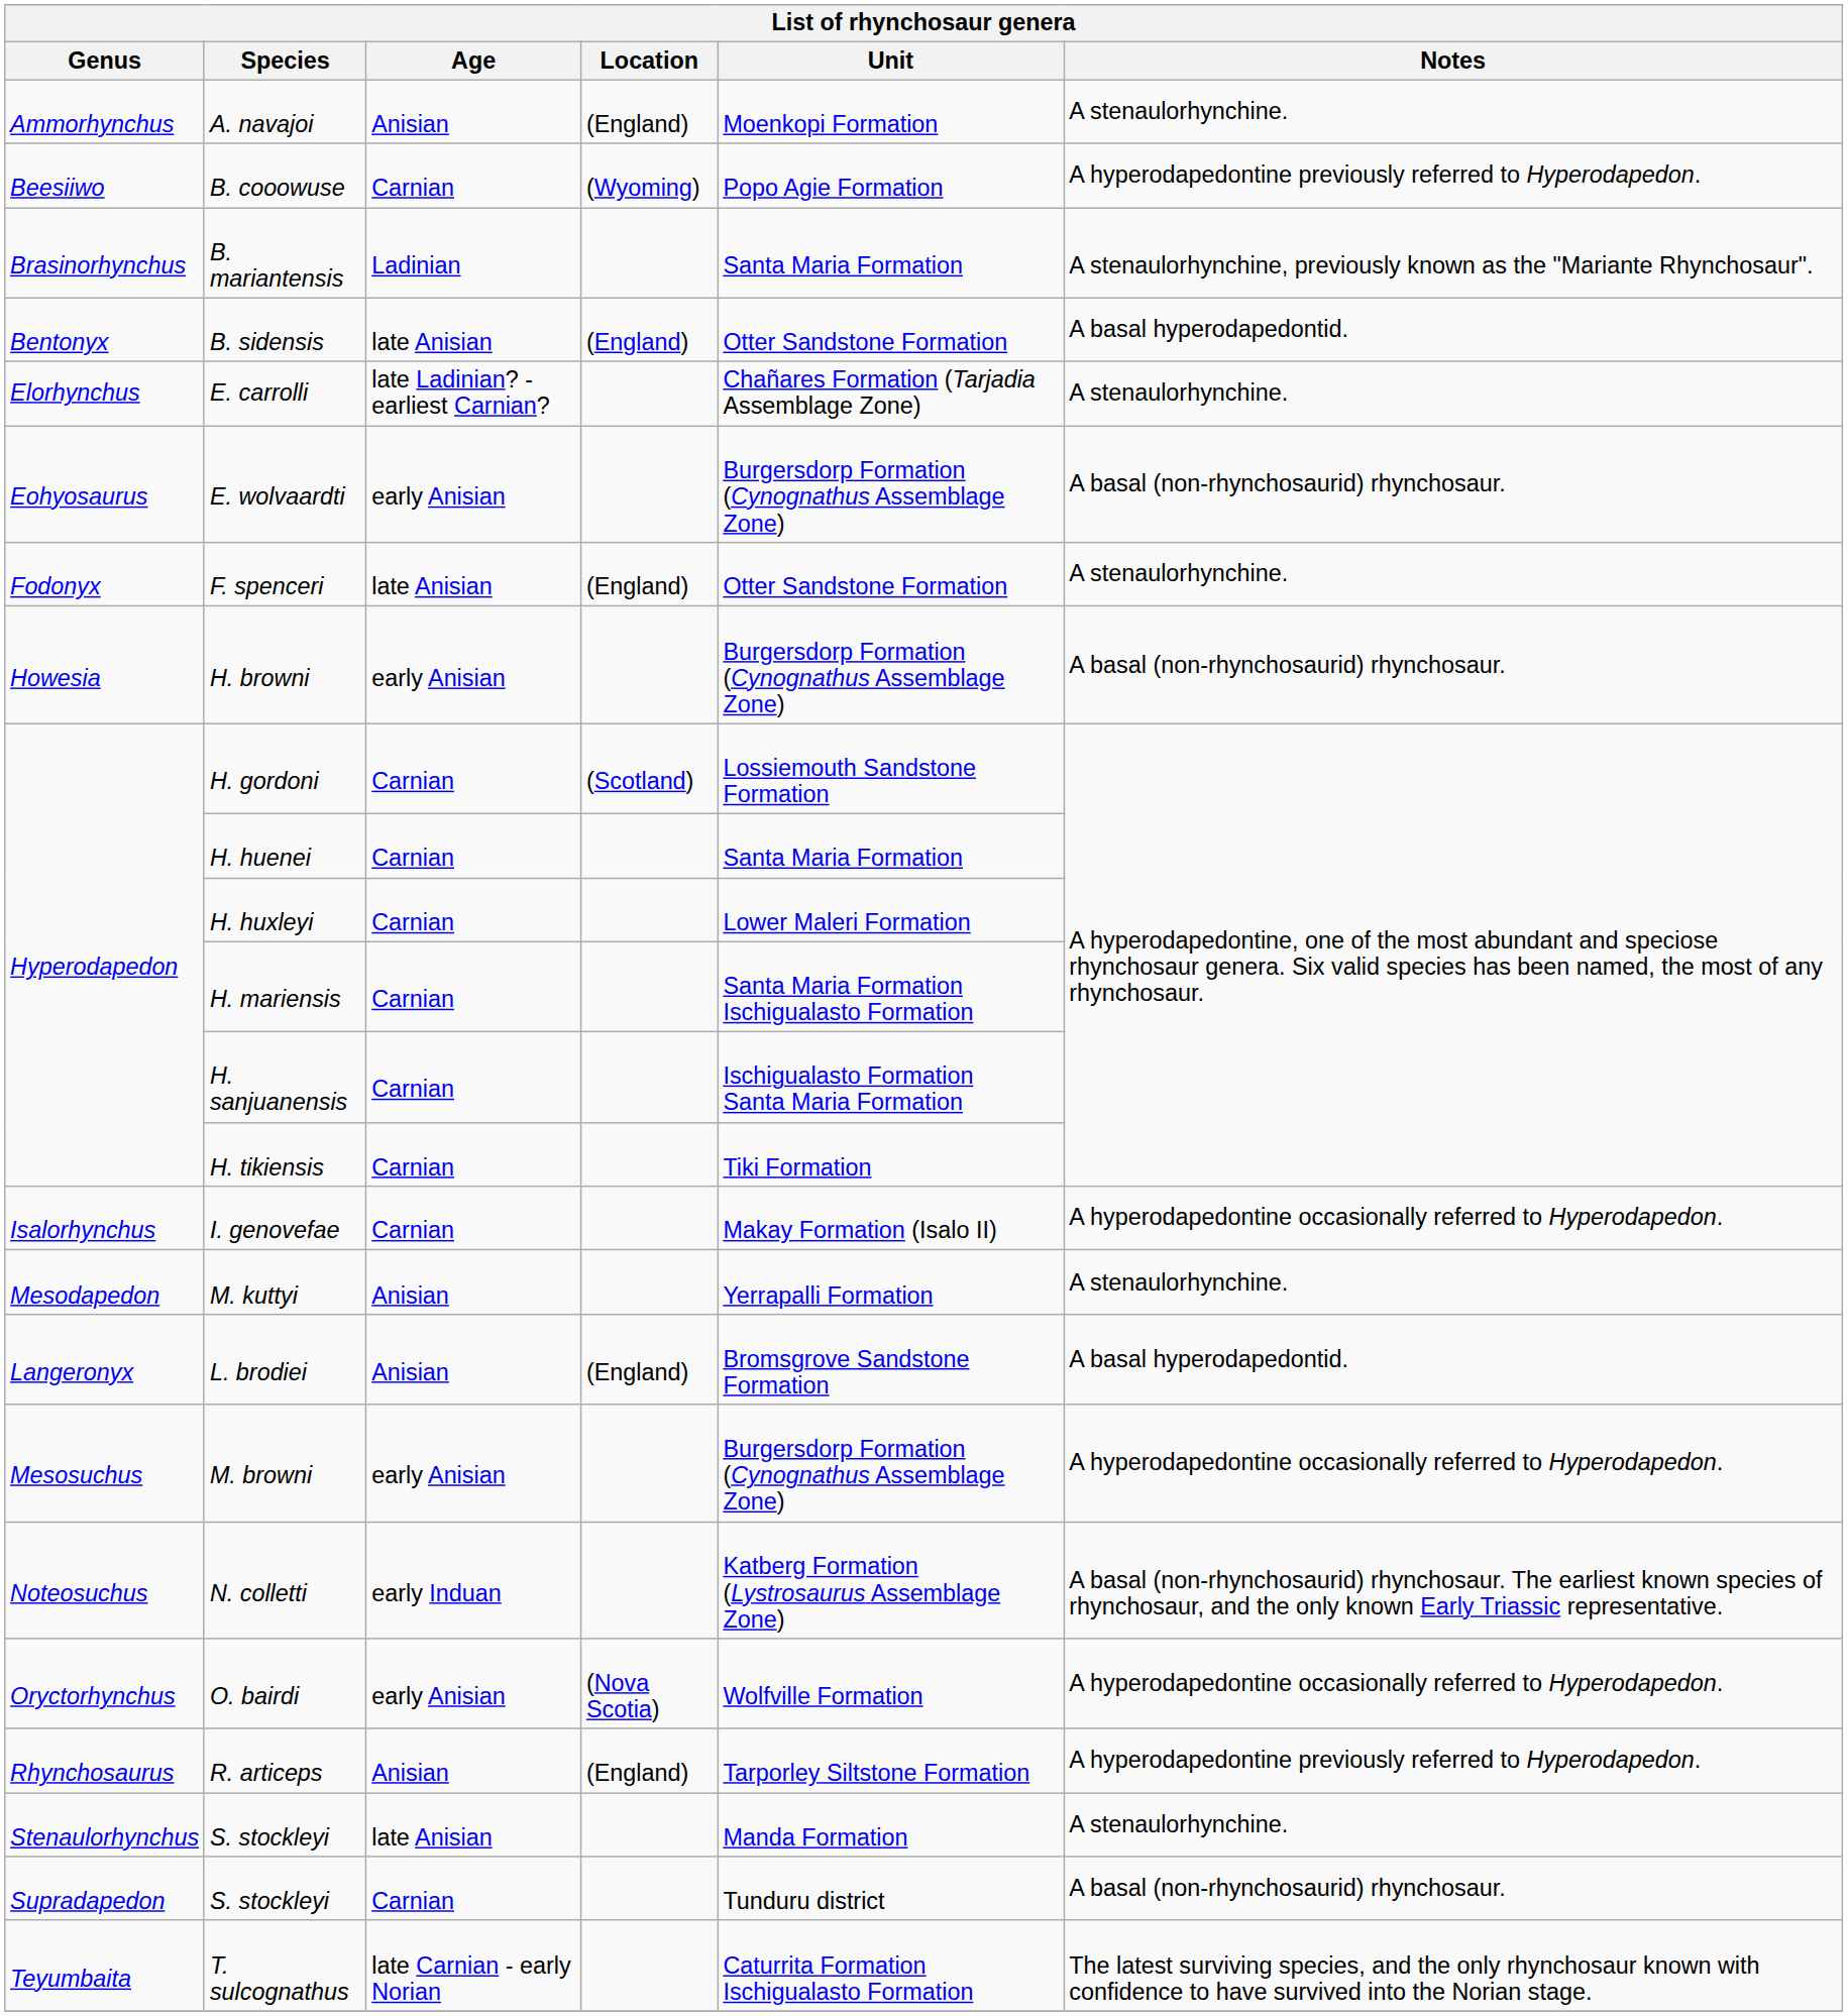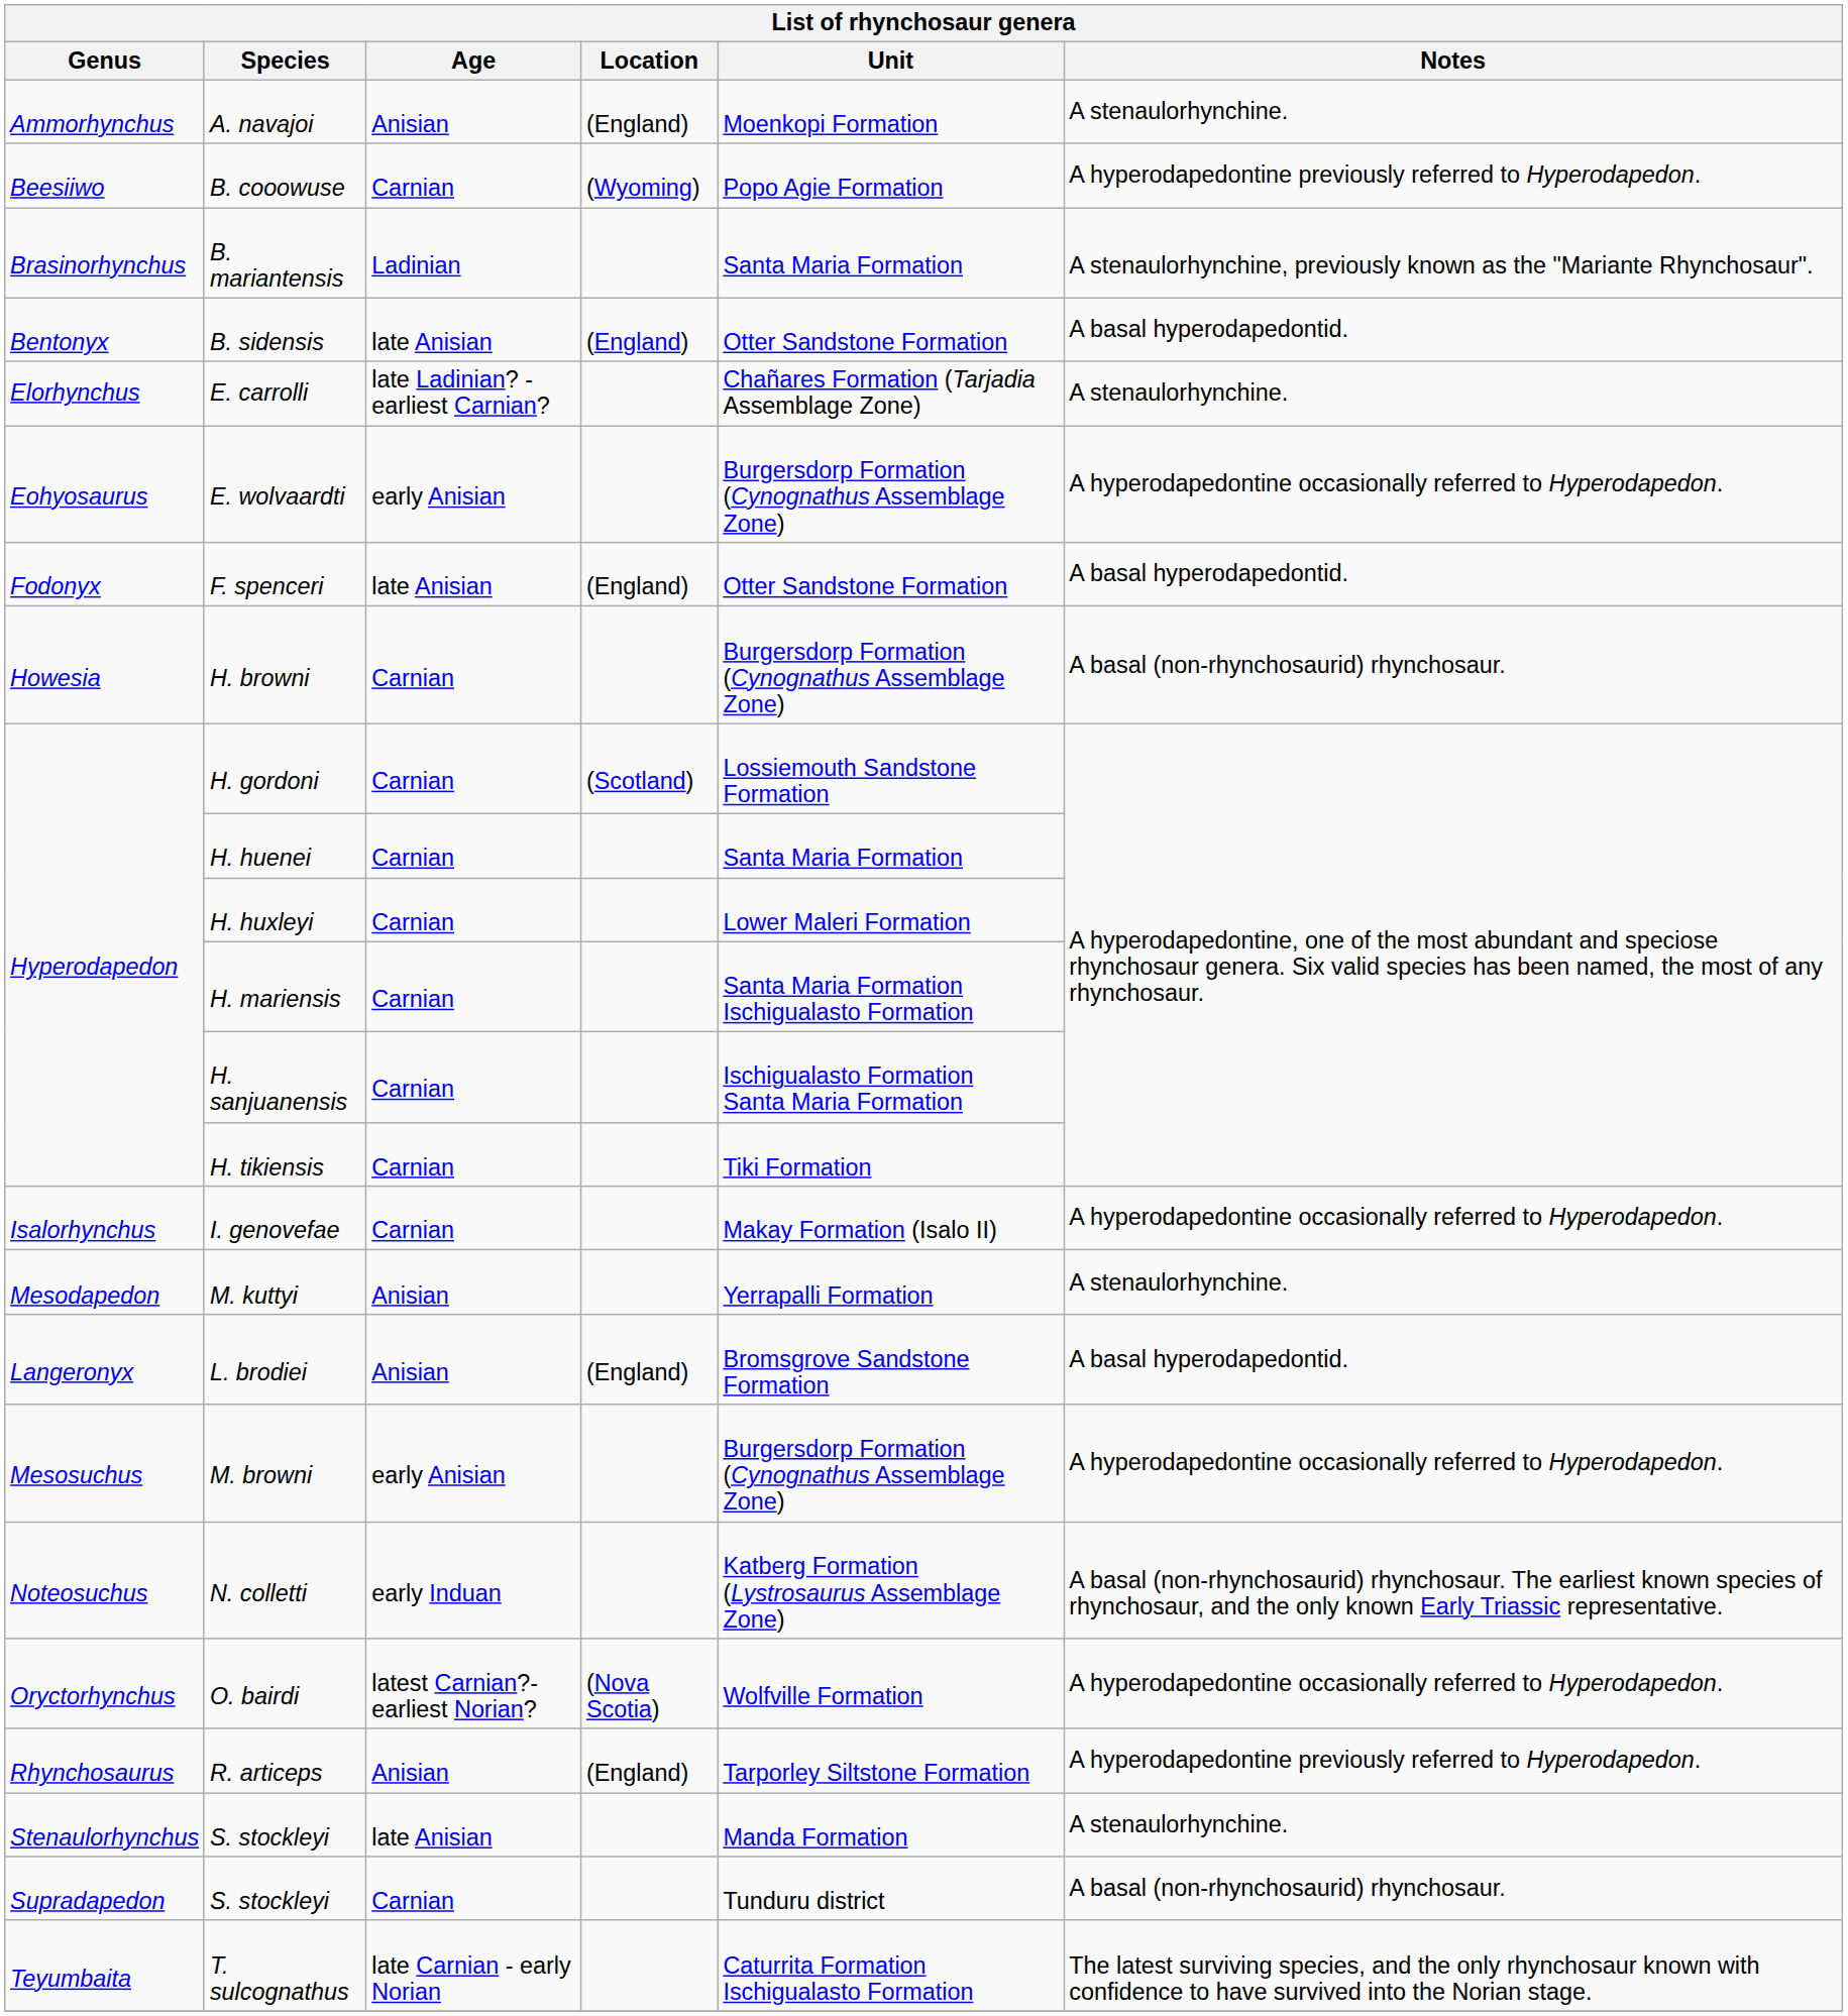 <table class="wikitable sortable" border="1">
 <tr>
 <th colspan="6" align="center"><strong>List of rhynchosaur genera</strong></th>
 </tr>
 <tr>
 <th>Genus</th>
 <th>Species</th>
 <th>Age</th>
 <th>Location</th>
 <th>Unit</th>
 <th>Notes</th>
 </tr>
 <tr>
 <td><br><em><a href='#'>Ammorhynchus</a></em></td>
 <td><br><em>A. navajoi</em></td>
 <td><br><a href='#'>Anisian</a></td>
 <td><br> (England)</td>
 <td><br><a href='#'>Moenkopi Formation</a></td>
 <td>A stenaulorhynchine.</td>
 </tr>
 <tr>
 <td><br><em><a href='#'>Beesiiwo</a></em></td>
 <td><br><em>B. cooowuse</em></td>
 <td><br><a href='#'>Carnian</a></td>
 <td><br> (<a href='#'>Wyoming</a>)</td>
 <td><br><a href='#'>Popo Agie Formation</a></td>
 <td>A hyperodapedontine previously referred to <em>Hyperodapedon</em>.</td>
 </tr>
 <tr>
 <td><br><em><a href='#'>Brasinorhynchus</a></em></td>
 <td><br><em>B. mariantensis</em></td>
 <td><br><a href='#'>Ladinian</a></td>
 <td><br></td>
 <td><br><a href='#'>Santa Maria Formation</a></td>
 <td><br>A stenaulorhynchine, previously known as the "Mariante Rhynchosaur".</td>
 </tr>
 <tr>
 <td><br><em><a href='#'>Bentonyx</a></em></td>
 <td><br><em>B. sidensis</em></td>
 <td><br>late <a href='#'>Anisian</a></td>
 <td><br> (<a href='#'>England</a>)</td>
 <td><br><a href='#'>Otter Sandstone Formation</a></td>
 <td>A basal hyperodapedontid.</td>
 </tr>
 <tr>
 <td><em><a href='#'>Elorhynchus</a></em></td>
 <td><em>E. carrolli</em></td>
 <td>late <a href='#'>Ladinian</a>? - earliest <a href='#'>Carnian</a>?</td>
 <td></td>
 <td><a href='#'>Chañares Formation</a> (<em>Tarjadia</em> Assemblage Zone)</td>
 <td>A stenaulorhynchine.</td>
 </tr>
 <tr>
 <td><br><em><a href='#'>Eohyosaurus</a></em></td>
 <td><br><em>E. wolvaardti</em></td>
 <td><br>early <a href='#'>Anisian</a></td>
 <td><br></td>
 <td><br><a href='#'>Burgersdorp Formation</a> (<a href='#'><em>Cynognathus</em> Assemblage Zone</a>)</td>
-<td>A basal (non-rhynchosaurid) rhynchosaur.</td>
+<td>A hyperodapedontine occasionally referred to <em>Hyperodapedon</em>.</td>
 </tr>
 <tr>
 <td><br><em><a href='#'>Fodonyx</a></em></td>
 <td><br><em>F. spenceri</em></td>
 <td><br>late <a href='#'>Anisian</a></td>
 <td><br> (England)</td>
 <td><br><a href='#'>Otter Sandstone Formation</a></td>
-<td>A stenaulorhynchine.</td>
+<td>A basal hyperodapedontid.</td>
 </tr>
 <tr>
 <td><br><em><a href='#'>Howesia</a></em></td>
 <td><br><em>H. browni</em></td>
-<td><br>early <a href='#'>Anisian</a></td>
+<td><br><a href='#'>Carnian</a></td>
 <td><br></td>
 <td><br><a href='#'>Burgersdorp Formation</a> (<a href='#'><em>Cynognathus</em> Assemblage Zone</a>)</td>
 <td>A basal (non-rhynchosaurid) rhynchosaur.</td>
 </tr>
 <tr>
 <td rowspan="6"><br><em><a href='#'>Hyperodapedon</a></em></td>
 <td><br><em>H. gordoni</em></td>
 <td><br><a href='#'>Carnian</a></td>
 <td><br> (<a href='#'>Scotland</a>)</td>
 <td><br><a href='#'>Lossiemouth Sandstone Formation</a></td>
 <td rowspan="6"><br>A hyperodapedontine, one of the most abundant and speciose rhynchosaur genera. Six valid species has been named, the most of any rhynchosaur.</td>
 </tr>
 <tr>
 <td><br><em>H. huenei</em></td>
 <td><br><a href='#'>Carnian</a></td>
 <td><br></td>
 <td><br><a href='#'>Santa Maria Formation</a></td>
 </tr>
 <tr>
 <td><br><em>H. huxleyi</em></td>
 <td><br><a href='#'>Carnian</a></td>
 <td><br></td>
 <td><br><a href='#'>Lower Maleri Formation</a></td>
 </tr>
 <tr>
 <td><br><em>H. mariensis</em></td>
 <td><br><a href='#'>Carnian</a></td>
 <td><br><br> </td>
 <td><br><a href='#'>Santa Maria Formation</a><br> <a href='#'>Ischigualasto Formation</a></td>
 </tr>
 <tr>
 <td><br><em>H. sanjuanensis</em></td>
 <td><br><a href='#'>Carnian</a></td>
 <td><br><br> </td>
 <td><br><a href='#'>Ischigualasto Formation</a><br> <a href='#'>Santa Maria Formation</a></td>
 </tr>
 <tr>
 <td><br><em>H. tikiensis</em></td>
 <td><br><a href='#'>Carnian</a></td>
 <td><br></td>
 <td><br><a href='#'>Tiki Formation</a></td>
 </tr>
 <tr>
 <td><br><em><a href='#'>Isalorhynchus</a></em></td>
 <td><br><em>I. genovefae</em></td>
 <td><br><a href='#'>Carnian</a></td>
 <td><br></td>
 <td><br><a href='#'>Makay Formation</a> (Isalo II)</td>
 <td>A hyperodapedontine occasionally referred to <em>Hyperodapedon</em>.</td>
 </tr>
 <tr>
 <td><br><em><a href='#'>Mesodapedon</a></em></td>
 <td><br><em>M. kuttyi</em></td>
 <td><br><a href='#'>Anisian</a></td>
 <td><br></td>
 <td><br><a href='#'>Yerrapalli Formation</a></td>
 <td>A stenaulorhynchine.</td>
 </tr>
 <tr>
 <td><br><em><a href='#'>Langeronyx</a></em></td>
 <td><br><em>L. brodiei</em></td>
 <td><br><a href='#'>Anisian</a></td>
 <td><br> (England)</td>
 <td><br><a href='#'>Bromsgrove Sandstone Formation</a></td>
 <td>A basal hyperodapedontid.</td>
 </tr>
 <tr>
 <td><br><em><a href='#'>Mesosuchus</a></em></td>
 <td><br><em>M. browni</em></td>
 <td><br>early <a href='#'>Anisian</a></td>
 <td><br></td>
 <td><br><a href='#'>Burgersdorp Formation</a> (<a href='#'><em>Cynognathus</em> Assemblage Zone</a>)</td>
 <td>A hyperodapedontine occasionally referred to <em>Hyperodapedon</em>.</td>
 </tr>
 <tr>
 <td><br><em><a href='#'>Noteosuchus</a></em></td>
 <td><br><em>N. colletti</em></td>
 <td><br>early <a href='#'>Induan</a></td>
 <td><br></td>
 <td><br><a href='#'>Katberg Formation</a> (<a href='#'><em>Lystrosaurus</em> Assemblage Zone</a>)</td>
 <td><br>A basal (non-rhynchosaurid) rhynchosaur. The earliest known species of rhynchosaur, and the only known <a href='#'>Early Triassic</a> representative.</td>
 </tr>
 <tr>
 <td><br><em><a href='#'>Oryctorhynchus</a></em></td>
 <td><br><em>O. bairdi</em></td>
-<td><br>early <a href='#'>Anisian</a></td>
+<td><br>latest <a href='#'>Carnian</a>?-earliest <a href='#'>Norian</a>?</td>
 <td><br> (<a href='#'>Nova Scotia</a>)</td>
 <td><br><a href='#'>Wolfville Formation</a></td>
 <td>A hyperodapedontine occasionally referred to <em>Hyperodapedon</em>.</td>
 </tr>
 <tr>
 <td><br><em><a href='#'>Rhynchosaurus</a></em></td>
 <td><br><em>R. articeps</em></td>
 <td><br><a href='#'>Anisian</a></td>
 <td><br> (England)</td>
 <td><br><a href='#'>Tarporley Siltstone Formation</a></td>
 <td>A hyperodapedontine previously referred to <em>Hyperodapedon</em>.</td>
 </tr>
 <tr>
 <td><br><em><a href='#'>Stenaulorhynchus</a></em></td>
 <td><br><em>S. stockleyi</em></td>
 <td><br>late <a href='#'>Anisian</a></td>
 <td><br></td>
 <td><br><a href='#'>Manda Formation</a></td>
 <td>A stenaulorhynchine.</td>
 </tr>
 <tr>
 <td><br><em><a href='#'>Supradapedon</a></em></td>
 <td><br><em>S. stockleyi</em></td>
 <td><br><a href='#'>Carnian</a></td>
 <td><br></td>
 <td><br>Tunduru district</td>
 <td>A basal (non-rhynchosaurid) rhynchosaur.</td>
 </tr>
 <tr>
 <td><br><em><a href='#'>Teyumbaita</a></em></td>
 <td><br><em>T. sulcognathus</em></td>
 <td><br>late <a href='#'>Carnian</a> - early <a href='#'>Norian</a></td>
 <td><br><br> </td>
 <td><br><a href='#'>Caturrita Formation</a><br> <a href='#'>Ischigualasto Formation</a></td>
 <td><br>The latest surviving species, and the only rhynchosaur known with confidence to have survived into the Norian stage.</td>
 </tr>
 <tr>
 </tr>
 </table>
